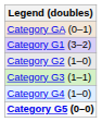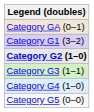 <table class=wikitable style=font-size:90%>
 <tr>
 <th>Legend (doubles)</th>
 </tr>
 <tr style="background:#F3E6D7">
 <td><a href='#'>Category GA</a> (0–1)</td>
 </tr>
 <tr style="background:#d8cef6">
 <td><a href='#'>Category G1</a> (3–2)</td>
 </tr>
 <tr style="background:#e9e9e9">
-<td><a href='#'>Category G2</a> (1–0)</td>
+<td><strong><a href='#'>Category G2</a> (1–0)</strong></td>
 </tr>
 <tr style="background:#D4F1C5">
 <td><a href='#'>Category G3</a> (1–1)</td>
 </tr>
 <tr style="background:#dfeeff">
 <td><a href='#'>Category G4</a> (1–0)</td>
 </tr>
 <tr>
-<td><strong><a href='#'>Category G5</a> (0–0)</strong></td>
+<td><a href='#'>Category G5</a> (0–0)</td>
 </tr>
 </table>
